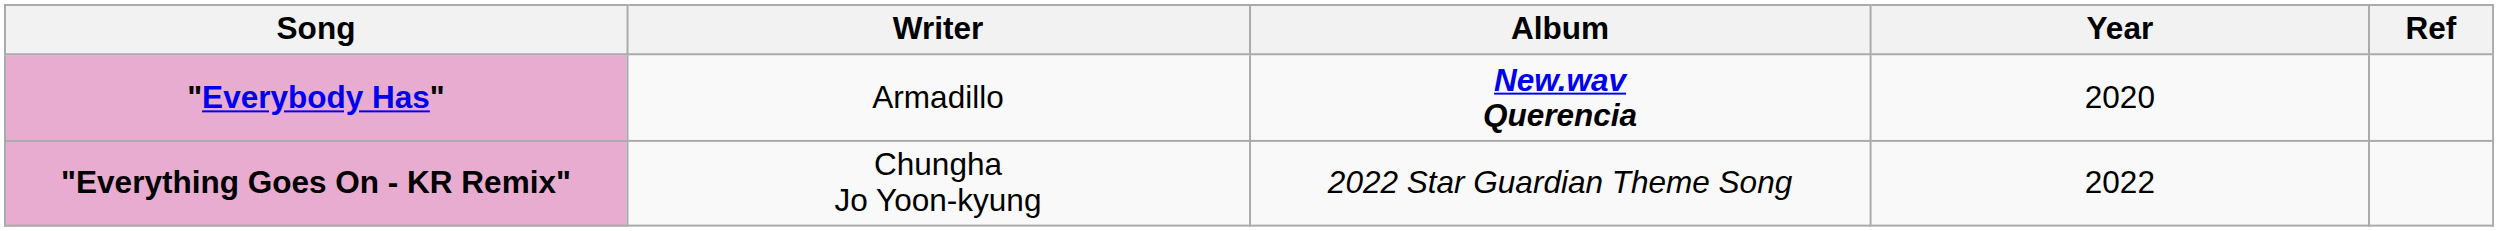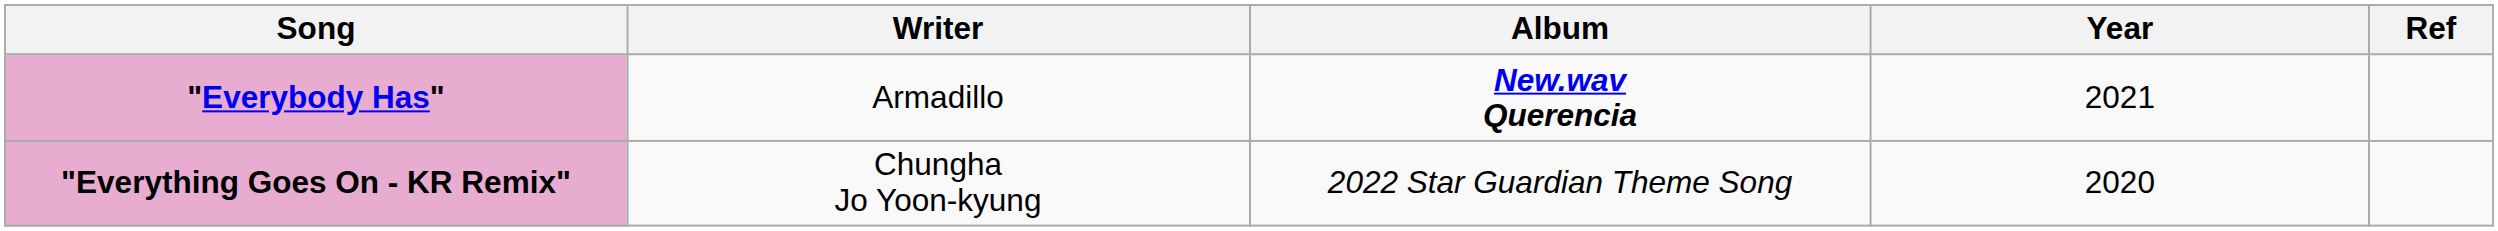 <table class="wikitable" style="text-align:center; width:100%">
 <tr>
 <th style="width:25%">Song</th>
 <th style="width:25%">Writer</th>
 <th style="width:25%">Album</th>
 <th style="width:20%">Year</th>
 <th style="width:5%">Ref</th>
 </tr>
 <tr>
 <th scope="row" style="background-color:#E7ACCF">"<a href='#'>Everybody Has</a>"  </th>
 <td>Armadillo</td>
 <td><strong><em><a href='#'>New.wav</a></em><br><em>Querencia</em></strong></td>
-<td>2020</td>
+<td>2021</td>
 <td></td>
 </tr>
 <tr>
 <th scope="row" style="background-color:#E7ACCF">"Everything Goes On - KR Remix" </th>
 <td>Chungha<br>Jo Yoon-kyung</td>
 <td><em>2022 Star Guardian Theme Song</em></td>
-<td>2022</td>
+<td>2020</td>
 <td></td>
 </tr>
 </table>
